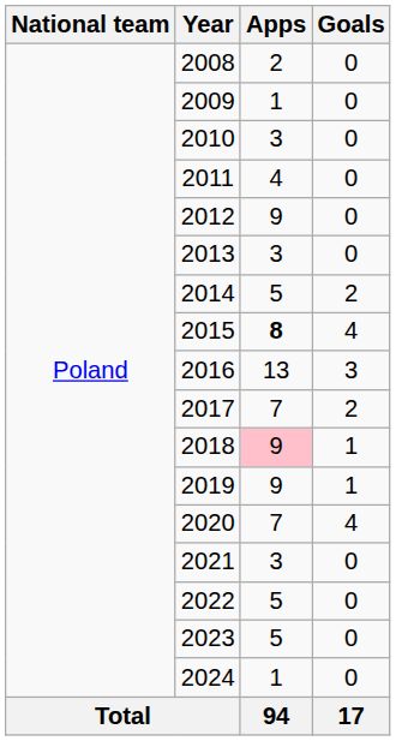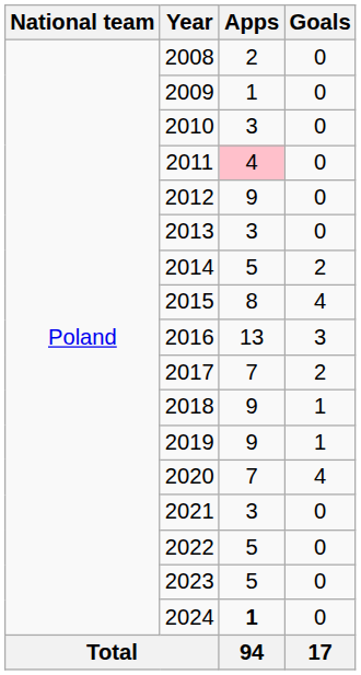 <table class="wikitable" style="text-align: center;">
 <tr>
 <th>National team</th>
 <th>Year</th>
 <th>Apps</th>
 <th>Goals</th>
 </tr>
 <tr>
 <td rowspan=17><a href='#'>Poland</a></td>
 <td>2008</td>
 <td>2</td>
 <td>0</td>
 </tr>
 <tr>
 <td>2009</td>
 <td>1</td>
 <td>0</td>
 </tr>
 <tr>
 <td>2010</td>
 <td>3</td>
 <td>0</td>
 </tr>
 <tr>
 <td>2011</td>
-<td>4</td>
+<td style="background: pink;">4</td>
 <td>0</td>
 </tr>
 <tr>
 <td>2012</td>
 <td>9</td>
 <td>0</td>
 </tr>
 <tr>
 <td>2013</td>
 <td>3</td>
 <td>0</td>
 </tr>
 <tr>
 <td>2014</td>
 <td>5</td>
 <td>2</td>
 </tr>
 <tr>
 <td>2015</td>
-<td><strong>8</strong></td>
+<td>8</td>
 <td>4</td>
 </tr>
 <tr>
 <td>2016</td>
 <td>13</td>
 <td>3</td>
 </tr>
 <tr>
 <td>2017</td>
 <td>7</td>
 <td>2</td>
 </tr>
 <tr>
 <td>2018</td>
-<td style="background: pink;">9</td>
+<td>9</td>
 <td>1</td>
 </tr>
 <tr>
 <td>2019</td>
 <td>9</td>
 <td>1</td>
 </tr>
 <tr>
 <td>2020</td>
 <td>7</td>
 <td>4</td>
 </tr>
 <tr>
 <td>2021</td>
 <td>3</td>
 <td>0</td>
 </tr>
 <tr>
 <td>2022</td>
 <td>5</td>
 <td>0</td>
 </tr>
 <tr>
 <td>2023</td>
 <td>5</td>
 <td>0</td>
 </tr>
 <tr>
 <td>2024</td>
-<td>1</td>
+<td><strong>1</strong></td>
 <td>0</td>
 </tr>
 <tr>
 <th colspan="2">Total</th>
 <th>94</th>
 <th>17</th>
 </tr>
 </table>
